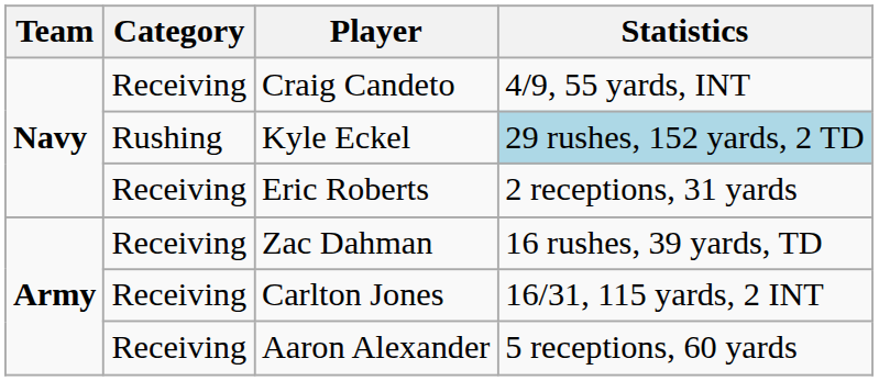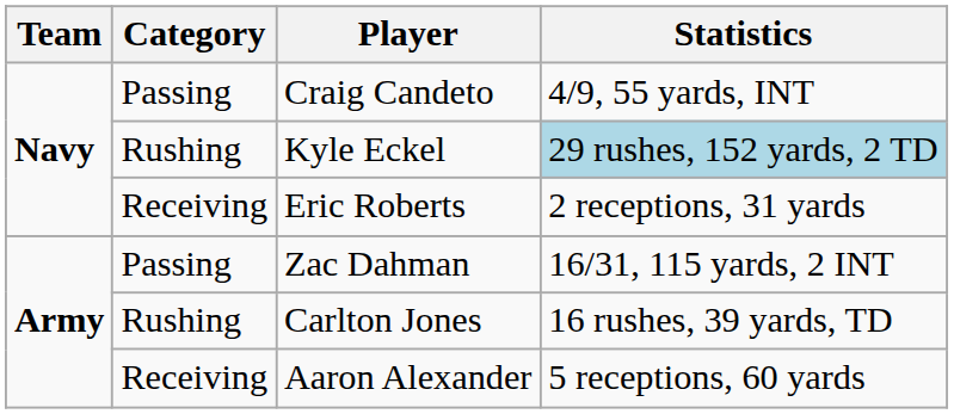 <table class="wikitable" style="float: left;">
 <tr>
 <th>Team</th>
 <th>Category</th>
 <th>Player</th>
 <th>Statistics</th>
 </tr>
 <tr>
 <td rowspan=3><strong>Navy</strong></td>
-<td>Receiving</td>
+<td>Passing</td>
 <td>Craig Candeto</td>
 <td>4/9, 55 yards, INT</td>
 </tr>
 <tr>
 <td>Rushing</td>
 <td>Kyle Eckel</td>
 <td style="background: lightblue;">29 rushes, 152 yards, 2 TD</td>
 </tr>
 <tr>
 <td>Receiving</td>
 <td>Eric Roberts</td>
 <td>2 receptions, 31 yards</td>
 </tr>
 <tr>
 <td rowspan=3><strong>Army</strong></td>
-<td>Receiving</td>
+<td>Passing</td>
 <td>Zac Dahman</td>
-<td>16 rushes, 39 yards, TD</td>
+<td>16/31, 115 yards, 2 INT</td>
 </tr>
 <tr>
-<td>Receiving</td>
+<td>Rushing</td>
 <td>Carlton Jones</td>
-<td>16/31, 115 yards, 2 INT</td>
+<td>16 rushes, 39 yards, TD</td>
 </tr>
 <tr>
 <td>Receiving</td>
 <td>Aaron Alexander</td>
 <td>5 receptions, 60 yards</td>
 </tr>
 </table>
